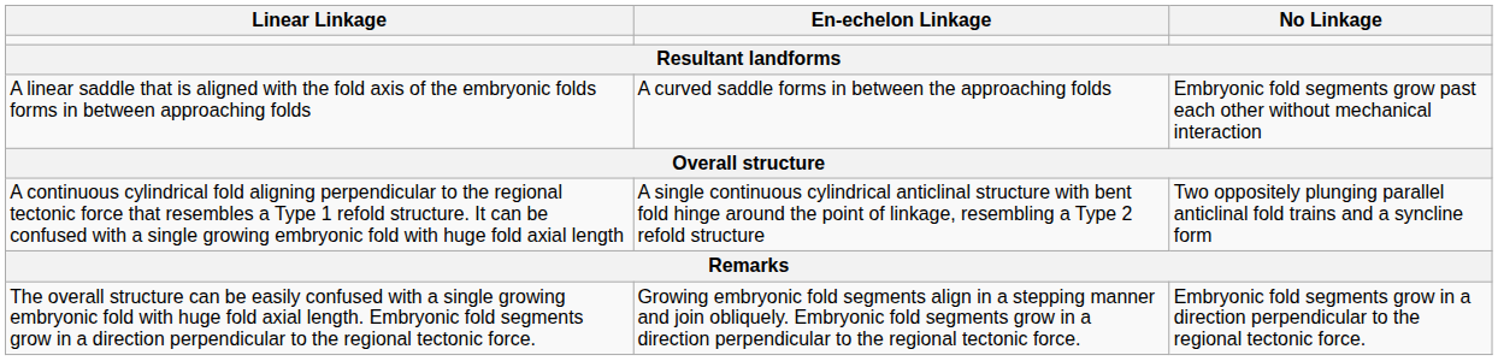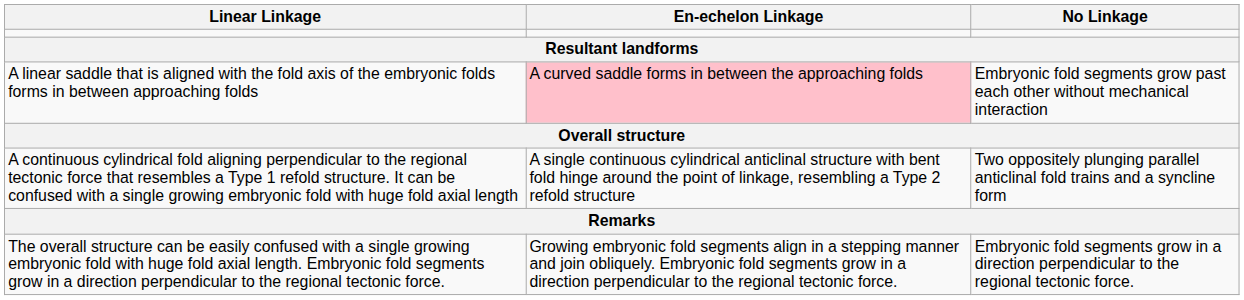 <table class="wikitable" style="text-align:top;">
 <tr>
 <th>Linear Linkage</th>
 <th>En-echelon Linkage</th>
 <th>No Linkage</th>
 </tr>
 <tr>
 <td></td>
 <td></td>
 <td></td>
 </tr>
 <tr>
 <th colspan=3>Resultant landforms</th>
 </tr>
 <tr style="vertical-align: top;">
 <td>A linear saddle that is aligned with the fold axis of the embryonic folds forms in between approaching folds</td>
-<td>A curved saddle forms in between the approaching folds</td>
+<td style="background: pink;">A curved saddle forms in between the approaching folds</td>
 <td>Embryonic fold segments grow past each other without mechanical interaction</td>
 </tr>
 <tr>
 <th colspan=3>Overall structure</th>
 </tr>
 <tr style="vertical-align: top;">
 <td>A continuous cylindrical fold aligning perpendicular to the regional tectonic force that resembles a Type 1 refold structure. It can be confused with a single growing embryonic fold with huge fold axial length</td>
 <td>A single continuous cylindrical anticlinal structure with bent fold hinge around the point of linkage, resembling a Type 2 refold structure</td>
 <td>Two oppositely plunging parallel anticlinal fold trains and a syncline form</td>
 </tr>
 <tr>
 <th colspan=3>Remarks</th>
 </tr>
 <tr style="vertical-align: top;">
 <td>The overall structure can be easily confused with a single growing embryonic fold with huge fold axial length. Embryonic fold segments grow in a direction perpendicular to the regional tectonic force.</td>
 <td>Growing embryonic fold segments align in a stepping manner and join obliquely. Embryonic fold segments grow in a direction perpendicular to the regional tectonic force.</td>
 <td>Embryonic fold segments grow in a direction perpendicular to the regional tectonic force.</td>
 </tr>
 </table>
